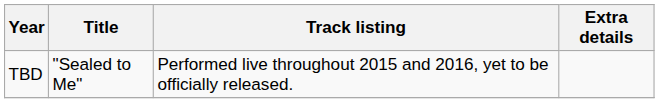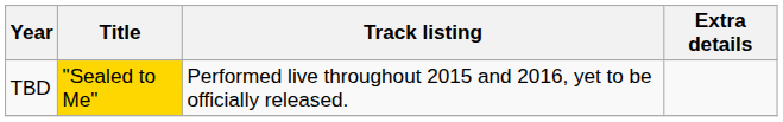 <table class="wikitable">
 <tr>
 <th>Year</th>
 <th>Title</th>
 <th>Track listing</th>
 <th>Extra details</th>
 </tr>
 <tr>
 <td>TBD</td>
-<td>"Sealed to Me"</td>
+<td style="background: gold;">"Sealed to Me"</td>
 <td>Performed live throughout 2015 and 2016, yet to be officially released.</td>
 <td></td>
 </tr>
 <tr>
 </tr>
 </table>
